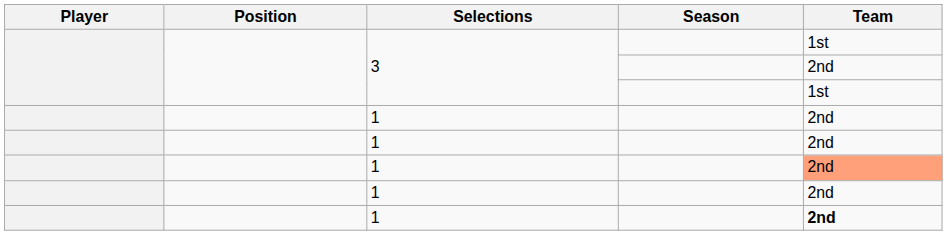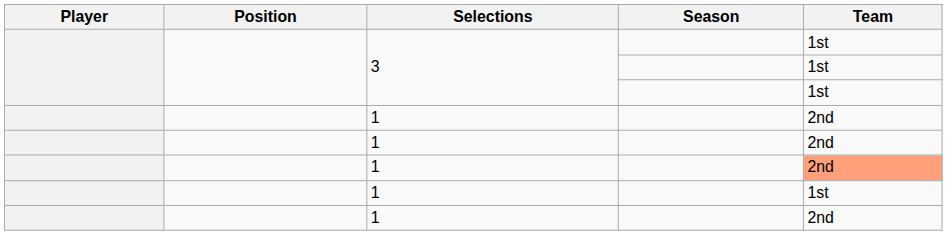 <table class="wikitable sortable" width="75%">
 <tr>
 <th scope="col">Player</th>
 <th scope="col">Position</th>
 <th scope="col">Selections</th>
 <th scope="col">Season</th>
 <th scope="col">Team</th>
 </tr>
 <tr>
 <th scope="row" rowspan="3"></th>
 <td rowspan="3"></td>
 <td rowspan="3">3</td>
 <td></td>
 <td>1st</td>
 </tr>
 <tr>
 <td></td>
-<td>2nd</td>
+<td>1st</td>
 </tr>
 <tr>
 <td></td>
 <td>1st</td>
 </tr>
 <tr>
 <th scope="row"></th>
 <td></td>
 <td>1</td>
 <td></td>
 <td>2nd</td>
 </tr>
 <tr>
 <th scope="row"></th>
 <td></td>
 <td>1</td>
 <td></td>
 <td>2nd</td>
 </tr>
 <tr>
 <th scope="row"></th>
 <td></td>
 <td>1</td>
 <td></td>
 <td style="background: lightsalmon;">2nd</td>
 </tr>
 <tr>
 <th scope="row"></th>
 <td></td>
 <td>1</td>
 <td></td>
-<td>2nd</td>
+<td>1st</td>
 </tr>
 <tr>
 <th scope="row"></th>
 <td></td>
 <td>1</td>
 <td></td>
-<td><strong>2nd</strong></td>
+<td>2nd</td>
 </tr>
 </table>
